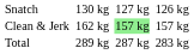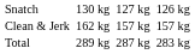 <table>
 <tr>
 <td>Snatch</td>
 <td></td>
 <td>130 kg</td>
 <td></td>
 <td>127 kg</td>
 <td></td>
 <td>126 kg</td>
 </tr>
 <tr>
 <td>Clean & Jerk</td>
 <td></td>
 <td>162 kg</td>
 <td></td>
-<td style="background: lightgreen;">157 kg</td>
+<td>157 kg</td>
 <td></td>
 <td>157 kg</td>
 </tr>
 <tr>
 <td>Total</td>
 <td></td>
 <td>289 kg</td>
 <td></td>
 <td>287 kg</td>
 <td></td>
 <td>283 kg</td>
 </tr>
 </table>
